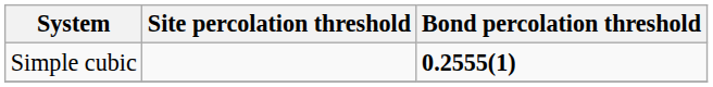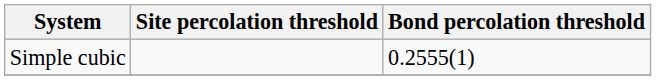 <table class="wikitable">
 <tr>
 <th>System</th>
 <th>Site percolation threshold</th>
 <th>Bond percolation threshold</th>
 </tr>
 <tr>
 <td>Simple cubic</td>
 <td></td>
-<td><strong>0.2555(1)</strong></td>
+<td>0.2555(1)</td>
 </tr>
 <tr>
 </tr>
 </table>
